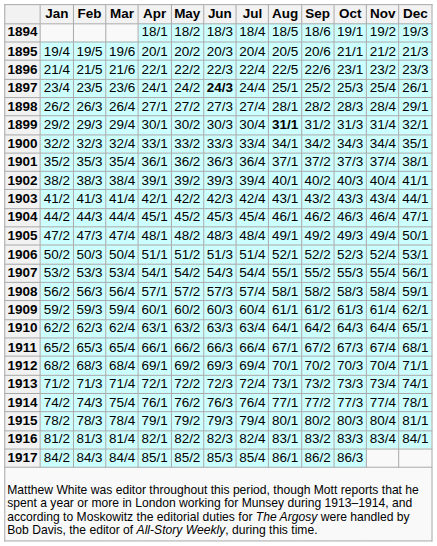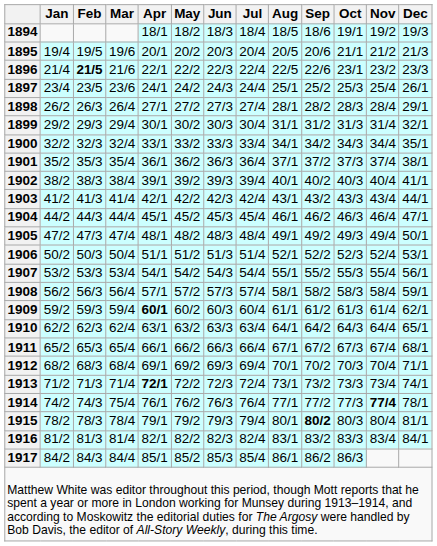 <table class="wikitable mw-collapsible mw-collapsed collapsible" style="max-width:400px; font-size: 10pt; line-height: 9pt; margin-left: 2em; text-align: center; float: right">
 <tr>
 <th></th>
 <th>Jan</th>
 <th>Feb</th>
 <th>Mar</th>
 <th>Apr</th>
 <th>May</th>
 <th>Jun</th>
 <th>Jul</th>
 <th>Aug</th>
 <th>Sep</th>
 <th>Oct</th>
 <th>Nov</th>
 <th>Dec</th>
 </tr>
 <tr>
 <th>1894</th>
 <td></td>
 <td></td>
 <td></td>
 <td bgcolor="#ccffff">18/1</td>
 <td bgcolor="#ccffff">18/2</td>
 <td bgcolor="#ccffff">18/3</td>
 <td bgcolor="#ccffff">18/4</td>
 <td bgcolor="#ccffff">18/5</td>
 <td bgcolor="#ccffff">18/6</td>
 <td bgcolor="#ccffff">19/1</td>
 <td bgcolor="#ccffff">19/2</td>
 <td bgcolor="#ccffff">19/3</td>
 </tr>
 <tr>
 <th>1895</th>
 <td bgcolor="#ccffff">19/4</td>
 <td bgcolor="#ccffff">19/5</td>
 <td bgcolor="#ccffff">19/6</td>
 <td bgcolor="#ccffff">20/1</td>
 <td bgcolor="#ccffff">20/2</td>
 <td bgcolor="#ccffff">20/3</td>
 <td bgcolor="#ccffff">20/4</td>
 <td bgcolor="#ccffff">20/5</td>
 <td bgcolor="#ccffff">20/6</td>
 <td bgcolor="#ccffff">21/1</td>
 <td bgcolor="#ccffff">21/2</td>
 <td bgcolor="#ccffff">21/3</td>
 </tr>
 <tr>
 <th>1896</th>
 <td bgcolor="#ccffff">21/4</td>
-<td bgcolor="#ccffff">21/5</td>
+<td bgcolor="#ccffff"><strong>21/5</strong></td>
 <td bgcolor="#ccffff">21/6</td>
 <td bgcolor="#ccffff">22/1</td>
 <td bgcolor="#ccffff">22/2</td>
 <td bgcolor="#ccffff">22/3</td>
 <td bgcolor="#ccffff">22/4</td>
 <td bgcolor="#ccffff">22/5</td>
 <td bgcolor="#ccffff">22/6</td>
 <td bgcolor="#ccffff">23/1</td>
 <td bgcolor="#ccffff">23/2</td>
 <td bgcolor="#ccffff">23/3</td>
 </tr>
 <tr>
 <th>1897</th>
 <td bgcolor="#ccffff">23/4</td>
 <td bgcolor="#ccffff">23/5</td>
 <td bgcolor="#ccffff">23/6</td>
 <td bgcolor="#ccffff">24/1</td>
 <td bgcolor="#ccffff">24/2</td>
-<td bgcolor="#ccffff"><strong>24/3</strong></td>
+<td bgcolor="#ccffff">24/3</td>
 <td bgcolor="#ccffff">24/4</td>
 <td bgcolor="#ccffff">25/1</td>
 <td bgcolor="#ccffff">25/2</td>
 <td bgcolor="#ccffff">25/3</td>
 <td bgcolor="#ccffff">25/4</td>
 <td bgcolor="#ccffff">26/1</td>
 </tr>
 <tr>
 <th>1898</th>
 <td bgcolor="#ccffff">26/2</td>
 <td bgcolor="#ccffff">26/3</td>
 <td bgcolor="#ccffff">26/4</td>
 <td bgcolor="#ccffff">27/1</td>
 <td bgcolor="#ccffff">27/2</td>
 <td bgcolor="#ccffff">27/3</td>
 <td bgcolor="#ccffff">27/4</td>
 <td bgcolor="#ccffff">28/1</td>
 <td bgcolor="#ccffff">28/2</td>
 <td bgcolor="#ccffff">28/3</td>
 <td bgcolor="#ccffff">28/4</td>
 <td bgcolor="#ccffff">29/1</td>
 </tr>
 <tr>
 <th>1899</th>
 <td bgcolor="#ccffff">29/2</td>
 <td bgcolor="#ccffff">29/3</td>
 <td bgcolor="#ccffff">29/4</td>
 <td bgcolor="#ccffff">30/1</td>
 <td bgcolor="#ccffff">30/2</td>
 <td bgcolor="#ccffff">30/3</td>
 <td bgcolor="#ccffff">30/4</td>
-<td bgcolor="#ccffff"><strong>31/1</strong></td>
+<td bgcolor="#ccffff">31/1</td>
 <td bgcolor="#ccffff">31/2</td>
 <td bgcolor="#ccffff">31/3</td>
 <td bgcolor="#ccffff">31/4</td>
 <td bgcolor="#ccffff">32/1</td>
 </tr>
 <tr>
 <th>1900</th>
 <td bgcolor="#ccffff">32/2</td>
 <td bgcolor="#ccffff">32/3</td>
 <td bgcolor="#ccffff">32/4</td>
 <td bgcolor="#ccffff">33/1</td>
 <td bgcolor="#ccffff">33/2</td>
 <td bgcolor="#ccffff">33/3</td>
 <td bgcolor="#ccffff">33/4</td>
 <td bgcolor="#ccffff">34/1</td>
 <td bgcolor="#ccffff">34/2</td>
 <td bgcolor="#ccffff">34/3</td>
 <td bgcolor="#ccffff">34/4</td>
 <td bgcolor="#ccffff">35/1</td>
 </tr>
 <tr>
 <th>1901</th>
 <td bgcolor="#ccffff">35/2</td>
 <td bgcolor="#ccffff">35/3</td>
 <td bgcolor="#ccffff">35/4</td>
 <td bgcolor="#ccffff">36/1</td>
 <td bgcolor="#ccffff">36/2</td>
 <td bgcolor="#ccffff">36/3</td>
 <td bgcolor="#ccffff">36/4</td>
 <td bgcolor="#ccffff">37/1</td>
 <td bgcolor="#ccffff">37/2</td>
 <td bgcolor="#ccffff">37/3</td>
 <td bgcolor="#ccffff">37/4</td>
 <td bgcolor="#ccffff">38/1</td>
 </tr>
 <tr>
 <th>1902</th>
 <td bgcolor="#ccffff">38/2</td>
 <td bgcolor="#ccffff">38/3</td>
 <td bgcolor="#ccffff">38/4</td>
 <td bgcolor="#ccffff">39/1</td>
 <td bgcolor="#ccffff">39/2</td>
 <td bgcolor="#ccffff">39/3</td>
 <td bgcolor="#ccffff">39/4</td>
 <td bgcolor="#ccffff">40/1</td>
 <td bgcolor="#ccffff">40/2</td>
 <td bgcolor="#ccffff">40/3</td>
 <td bgcolor="#ccffff">40/4</td>
 <td bgcolor="#ccffff">41/1</td>
 </tr>
 <tr>
 <th>1903</th>
 <td bgcolor="#ccffff">41/2</td>
 <td bgcolor="#ccffff">41/3</td>
 <td bgcolor="#ccffff">41/4</td>
 <td bgcolor="#ccffff">42/1</td>
 <td bgcolor="#ccffff">42/2</td>
 <td bgcolor="#ccffff">42/3</td>
 <td bgcolor="#ccffff">42/4</td>
 <td bgcolor="#ccffff">43/1</td>
 <td bgcolor="#ccffff">43/2</td>
 <td bgcolor="#ccffff">43/3</td>
 <td bgcolor="#ccffff">43/4</td>
 <td bgcolor="#ccffff">44/1</td>
 </tr>
 <tr>
 <th>1904</th>
 <td bgcolor="#ccffff">44/2</td>
 <td bgcolor="#ccffff">44/3</td>
 <td bgcolor="#ccffff">44/4</td>
 <td bgcolor="#ccffff">45/1</td>
 <td bgcolor="#ccffff">45/2</td>
 <td bgcolor="#ccffff">45/3</td>
 <td bgcolor="#ccffff">45/4</td>
 <td bgcolor="#ccffff">46/1</td>
 <td bgcolor="#ccffff">46/2</td>
 <td bgcolor="#ccffff">46/3</td>
 <td bgcolor="#ccffff">46/4</td>
 <td bgcolor="#ccffff">47/1</td>
 </tr>
 <tr>
 <th>1905</th>
 <td bgcolor="#ccffff">47/2</td>
 <td bgcolor="#ccffff">47/3</td>
 <td bgcolor="#ccffff">47/4</td>
 <td bgcolor="#ccffff">48/1</td>
 <td bgcolor="#ccffff">48/2</td>
 <td bgcolor="#ccffff">48/3</td>
 <td bgcolor="#ccffff">48/4</td>
 <td bgcolor="#ccffff">49/1</td>
 <td bgcolor="#ccffff">49/2</td>
 <td bgcolor="#ccffff">49/3</td>
 <td bgcolor="#ccffff">49/4</td>
 <td bgcolor="#ccffff">50/1</td>
 </tr>
 <tr>
 <th>1906</th>
 <td bgcolor="#ccffff">50/2</td>
 <td bgcolor="#ccffff">50/3</td>
 <td bgcolor="#ccffff">50/4</td>
 <td bgcolor="#ccffff">51/1</td>
 <td bgcolor="#ccffff">51/2</td>
 <td bgcolor="#ccffff">51/3</td>
 <td bgcolor="#ccffff">51/4</td>
 <td bgcolor="#ccffff">52/1</td>
 <td bgcolor="#ccffff">52/2</td>
 <td bgcolor="#ccffff">52/3</td>
 <td bgcolor="#ccffff">52/4</td>
 <td bgcolor="#ccffff">53/1</td>
 </tr>
 <tr>
 <th>1907</th>
 <td bgcolor="#ccffff">53/2</td>
 <td bgcolor="#ccffff">53/3</td>
 <td bgcolor="#ccffff">53/4</td>
 <td bgcolor="#ccffff">54/1</td>
 <td bgcolor="#ccffff">54/2</td>
 <td bgcolor="#ccffff">54/3</td>
 <td bgcolor="#ccffff">54/4</td>
 <td bgcolor="#ccffff">55/1</td>
 <td bgcolor="#ccffff">55/2</td>
 <td bgcolor="#ccffff">55/3</td>
 <td bgcolor="#ccffff">55/4</td>
 <td bgcolor="#ccffff">56/1</td>
 </tr>
 <tr>
 <th>1908</th>
 <td bgcolor="#ccffff">56/2</td>
 <td bgcolor="#ccffff">56/3</td>
 <td bgcolor="#ccffff">56/4</td>
 <td bgcolor="#ccffff">57/1</td>
 <td bgcolor="#ccffff">57/2</td>
 <td bgcolor="#ccffff">57/3</td>
 <td bgcolor="#ccffff">57/4</td>
 <td bgcolor="#ccffff">58/1</td>
 <td bgcolor="#ccffff">58/2</td>
 <td bgcolor="#ccffff">58/3</td>
 <td bgcolor="#ccffff">58/4</td>
 <td bgcolor="#ccffff">59/1</td>
 </tr>
 <tr>
 <th>1909</th>
 <td bgcolor="#ccffff">59/2</td>
 <td bgcolor="#ccffff">59/3</td>
 <td bgcolor="#ccffff">59/4</td>
-<td bgcolor="#ccffff">60/1</td>
+<td bgcolor="#ccffff"><strong>60/1</strong></td>
 <td bgcolor="#ccffff">60/2</td>
 <td bgcolor="#ccffff">60/3</td>
 <td bgcolor="#ccffff">60/4</td>
 <td bgcolor="#ccffff">61/1</td>
 <td bgcolor="#ccffff">61/2</td>
 <td bgcolor="#ccffff">61/3</td>
 <td bgcolor="#ccffff">61/4</td>
 <td bgcolor="#ccffff">62/1</td>
 </tr>
 <tr>
 <th>1910</th>
 <td bgcolor="#ccffff">62/2</td>
 <td bgcolor="#ccffff">62/3</td>
 <td bgcolor="#ccffff">62/4</td>
 <td bgcolor="#ccffff">63/1</td>
 <td bgcolor="#ccffff">63/2</td>
 <td bgcolor="#ccffff">63/3</td>
 <td bgcolor="#ccffff">63/4</td>
 <td bgcolor="#ccffff">64/1</td>
 <td bgcolor="#ccffff">64/2</td>
 <td bgcolor="#ccffff">64/3</td>
 <td bgcolor="#ccffff">64/4</td>
 <td bgcolor="#ccffff">65/1</td>
 </tr>
 <tr>
 <th>1911</th>
 <td bgcolor="#ccffff">65/2</td>
 <td bgcolor="#ccffff">65/3</td>
 <td bgcolor="#ccffff">65/4</td>
 <td bgcolor="#ccffff">66/1</td>
 <td bgcolor="#ccffff">66/2</td>
 <td bgcolor="#ccffff">66/3</td>
 <td bgcolor="#ccffff">66/4</td>
 <td bgcolor="#ccffff">67/1</td>
 <td bgcolor="#ccffff">67/2</td>
 <td bgcolor="#ccffff">67/3</td>
 <td bgcolor="#ccffff">67/4</td>
 <td bgcolor="#ccffff">68/1</td>
 </tr>
 <tr>
 <th>1912</th>
 <td bgcolor="#ccffff">68/2</td>
 <td bgcolor="#ccffff">68/3</td>
 <td bgcolor="#ccffff">68/4</td>
 <td bgcolor="#ccffff">69/1</td>
 <td bgcolor="#ccffff">69/2</td>
 <td bgcolor="#ccffff">69/3</td>
 <td bgcolor="#ccffff">69/4</td>
 <td bgcolor="#ccffff">70/1</td>
 <td bgcolor="#ccffff">70/2</td>
 <td bgcolor="#ccffff">70/3</td>
 <td bgcolor="#ccffff">70/4</td>
 <td bgcolor="#ccffff">71/1</td>
 </tr>
 <tr>
 <th>1913</th>
 <td bgcolor="#ccffff">71/2</td>
 <td bgcolor="#ccffff">71/3</td>
 <td bgcolor="#ccffff">71/4</td>
-<td bgcolor="#ccffff">72/1</td>
+<td bgcolor="#ccffff"><strong>72/1</strong></td>
 <td bgcolor="#ccffff">72/2</td>
 <td bgcolor="#ccffff">72/3</td>
 <td bgcolor="#ccffff">72/4</td>
 <td bgcolor="#ccffff">73/1</td>
 <td bgcolor="#ccffff">73/2</td>
 <td bgcolor="#ccffff">73/3</td>
 <td bgcolor="#ccffff">73/4</td>
 <td bgcolor="#ccffff">74/1</td>
 </tr>
 <tr>
 <th>1914</th>
 <td bgcolor="#ccffff">74/2</td>
 <td bgcolor="#ccffff">74/3</td>
 <td bgcolor="#ccffff">75/4</td>
 <td bgcolor="#ccffff">76/1</td>
 <td bgcolor="#ccffff">76/2</td>
 <td bgcolor="#ccffff">76/3</td>
 <td bgcolor="#ccffff">76/4</td>
 <td bgcolor="#ccffff">77/1</td>
 <td bgcolor="#ccffff">77/2</td>
 <td bgcolor="#ccffff">77/3</td>
-<td bgcolor="#ccffff">77/4</td>
+<td bgcolor="#ccffff"><strong>77/4</strong></td>
 <td bgcolor="#ccffff">78/1</td>
 </tr>
 <tr>
 <th>1915</th>
 <td bgcolor="#ccffff">78/2</td>
 <td bgcolor="#ccffff">78/3</td>
 <td bgcolor="#ccffff">78/4</td>
 <td bgcolor="#ccffff">79/1</td>
 <td bgcolor="#ccffff">79/2</td>
 <td bgcolor="#ccffff">79/3</td>
 <td bgcolor="#ccffff">79/4</td>
 <td bgcolor="#ccffff">80/1</td>
-<td bgcolor="#ccffff">80/2</td>
+<td bgcolor="#ccffff"><strong>80/2</strong></td>
 <td bgcolor="#ccffff">80/3</td>
 <td bgcolor="#ccffff">80/4</td>
 <td bgcolor="#ccffff">81/1</td>
 </tr>
 <tr>
 <th>1916</th>
 <td bgcolor="#ccffff">81/2</td>
 <td bgcolor="#ccffff">81/3</td>
 <td bgcolor="#ccffff">81/4</td>
 <td bgcolor="#ccffff">82/1</td>
 <td bgcolor="#ccffff">82/2</td>
 <td bgcolor="#ccffff">82/3</td>
 <td bgcolor="#ccffff">82/4</td>
 <td bgcolor="#ccffff">83/1</td>
 <td bgcolor="#ccffff">83/2</td>
 <td bgcolor="#ccffff">83/3</td>
 <td bgcolor="#ccffff">83/4</td>
 <td bgcolor="#ccffff">84/1</td>
 </tr>
 <tr>
 <th>1917</th>
 <td bgcolor="#ccffff">84/2</td>
 <td bgcolor="#ccffff">84/3</td>
 <td bgcolor="#ccffff">84/4</td>
 <td bgcolor="#ccffff">85/1</td>
 <td bgcolor="#ccffff">85/2</td>
 <td bgcolor="#ccffff">85/3</td>
 <td bgcolor="#ccffff">85/4</td>
 <td bgcolor="#ccffff">86/1</td>
 <td bgcolor="#ccffff">86/2</td>
 <td bgcolor="#ccffff">86/3</td>
 <td></td>
 <td></td>
 </tr>
 <tr>
 <td colspan="13" style="font-size: 9pt; text-align:left; line-height: 10pt;"><br>Matthew White was editor throughout this period, though Mott reports that he spent a year or more in London working for Munsey during 1913–1914, and according to Moskowitz the editorial duties for <em>The Argosy</em> were handled by Bob Davis, the editor of <em>All-Story Weekly</em>, during this time.</td>
 </tr>
 </table>
